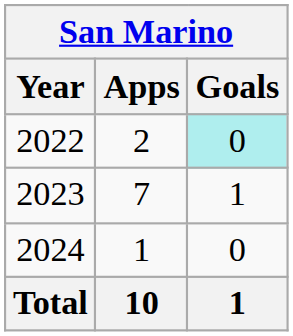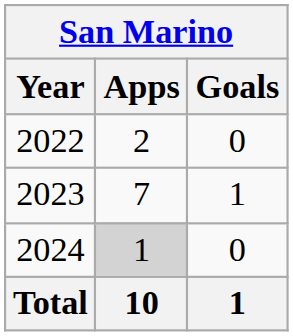 <table class="wikitable" style="text-align:center">
 <tr>
 <th colspan=3><a href='#'>San Marino</a></th>
 </tr>
 <tr>
 <th>Year</th>
 <th>Apps</th>
 <th>Goals</th>
 </tr>
 <tr>
 <td>2022</td>
 <td>2</td>
-<td style="background: paleturquoise;">0</td>
+<td>0</td>
 </tr>
 <tr>
 <td>2023</td>
 <td>7</td>
 <td>1</td>
 </tr>
 <tr>
 <td>2024</td>
-<td>1</td>
+<td style="background: lightgrey;">1</td>
 <td>0</td>
 </tr>
 <tr>
 <th>Total</th>
 <th>10</th>
 <th>1</th>
 </tr>
 </table>
